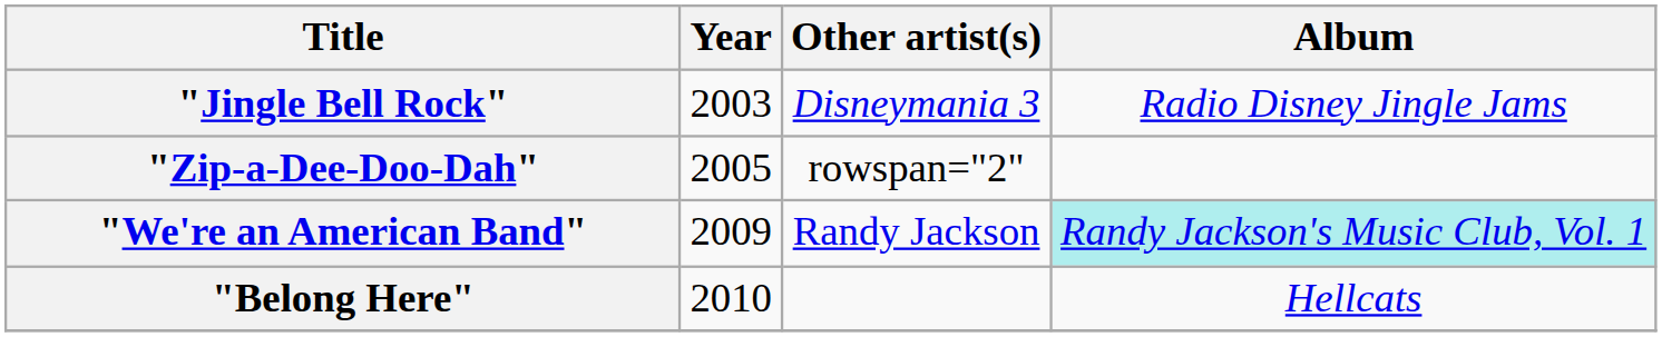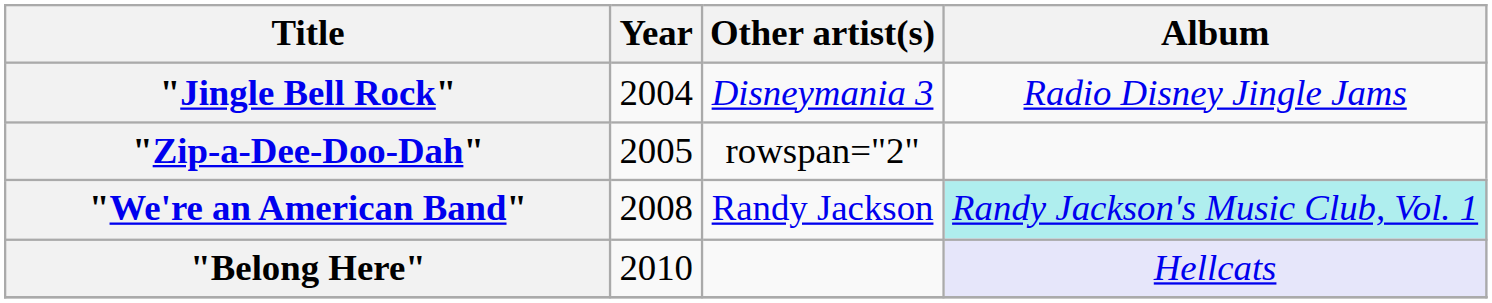 <table class="wikitable plainrowheaders" style="text-align:center;" border="1">
 <tr>
 <th scope="col" style="width:16em;">Title</th>
 <th scope="col">Year</th>
 <th scope="col">Other artist(s)</th>
 <th scope="col">Album</th>
 </tr>
 <tr>
 <th scope="row">"<a href='#'>Jingle Bell Rock</a>"</th>
-<td>2003</td>
+<td>2004</td>
 <td><em><a href='#'>Disneymania 3</a></em></td>
 <td><em><a href='#'>Radio Disney Jingle Jams</a></em></td>
 </tr>
 <tr>
 <th scope="row">"<a href='#'>Zip-a-Dee-Doo-Dah</a>"</th>
 <td>2005</td>
 <td>rowspan="2" </td>
 </tr>
 <tr>
 <th scope="row">"<a href='#'>We're an American Band</a>"</th>
-<td>2009</td>
+<td>2008</td>
 <td><a href='#'>Randy Jackson</a></td>
 <td style="background: paleturquoise;"><em><a href='#'>Randy Jackson's Music Club, Vol. 1</a></em></td>
 </tr>
 <tr>
 <th scope="row">"Belong Here"<br></th>
 <td>2010</td>
 <td></td>
-<td><em><a href='#'>Hellcats</a></em></td>
+<td style="background: lavender;"><em><a href='#'>Hellcats</a></em></td>
 </tr>
 <tr>
 </tr>
 </table>
